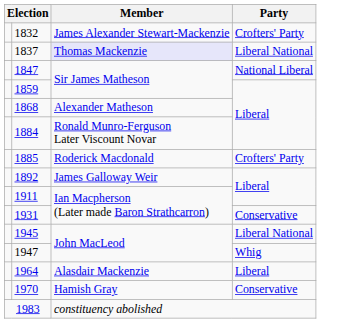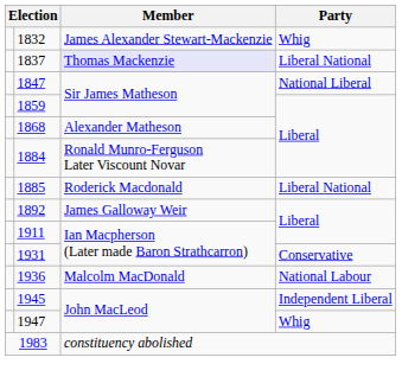 <table class="wikitable">
 <tr>
 <th colspan="2">Election</th>
 <th>Member </th>
 <th>Party</th>
 </tr>
 <tr>
 <td style="color:inherit;background-color: "></td>
 <td>1832</td>
 <td><a href='#'>James Alexander Stewart-Mackenzie</a></td>
-<td><a href='#'>Crofters' Party</a></td>
+<td><a href='#'>Whig</a></td>
 </tr>
 <tr>
 <td style="color:inherit;background-color: "></td>
 <td>1837</td>
 <td style="background: lavender;"><a href='#'>Thomas Mackenzie</a></td>
 <td><a href='#'>Liberal National</a></td>
 </tr>
 <tr>
 <td style="color:inherit;background-color: "></td>
 <td><a href='#'>1847</a></td>
 <td rowspan="2"><a href='#'>Sir James Matheson</a></td>
 <td><a href='#'>National Liberal</a></td>
 </tr>
 <tr>
 <td style="color:inherit;background-color: "></td>
 <td><a href='#'>1859</a></td>
 <td rowspan="3"><a href='#'>Liberal</a></td>
 </tr>
 <tr>
 <td style="color:inherit;background-color: "></td>
 <td><a href='#'>1868</a></td>
 <td><a href='#'>Alexander Matheson</a></td>
 </tr>
 <tr>
 <td style="color:inherit;background-color: "></td>
 <td><a href='#'>1884</a></td>
 <td><a href='#'>Ronald Munro-Ferguson</a> <br> Later Viscount Novar</td>
 </tr>
 <tr>
 <td style="color:inherit;background-color: "></td>
 <td><a href='#'>1885</a></td>
 <td><a href='#'>Roderick Macdonald</a></td>
-<td><a href='#'>Crofters' Party</a></td>
+<td><a href='#'>Liberal National</a></td>
 </tr>
 <tr>
 <td style="color:inherit;background-color: "></td>
 <td><a href='#'>1892</a></td>
 <td><a href='#'>James Galloway Weir</a></td>
 <td rowspan="2"><a href='#'>Liberal</a></td>
 </tr>
 <tr>
 <td style="color:inherit;background-color: "></td>
 <td><a href='#'>1911</a></td>
 <td rowspan=2><a href='#'>Ian Macpherson</a> <br> (Later made <a href='#'>Baron Strathcarron</a>)</td>
 </tr>
 <tr>
 <td style="color:inherit;background-color: "></td>
 <td><a href='#'>1931</a></td>
 <td><a href='#'>Conservative</a></td>
 </tr>
 <tr>
 <td style="color:inherit;background-color: "></td>
+<td><a href='#'>1936</a></td>
+<td><a href='#'>Malcolm MacDonald</a></td>
+<td><a href='#'>National Labour</a></td>
+</tr>
+<tr>
+<td style="color:inherit;background-color: "></td>
 <td><a href='#'>1945</a></td>
 <td rowspan=2><a href='#'>John MacLeod</a></td>
-<td><a href='#'>Liberal National</a></td>
+<td><a href='#'>Independent Liberal</a></td>
 </tr>
 <tr>
 <td style="color:inherit;background-color: "></td>
 <td>1947</td>
 <td><a href='#'>Whig</a></td>
 </tr>
 <tr>
-<td style="color:inherit;background-color: "></td>
-<td><a href='#'>1964</a></td>
-<td><a href='#'>Alasdair Mackenzie</a></td>
-<td><a href='#'>Liberal</a></td>
-</tr>
-<tr>
-<td style="color:inherit;background-color: "></td>
-<td><a href='#'>1970</a></td>
-<td><a href='#'>Hamish Gray</a></td>
-<td><a href='#'>Conservative</a></td>
-</tr>
-<tr>
 <td colspan="2" align="center"><a href='#'>1983</a></td>
 <td colspan="2"><em>constituency abolished</em></td>
 </tr>
 </table>
